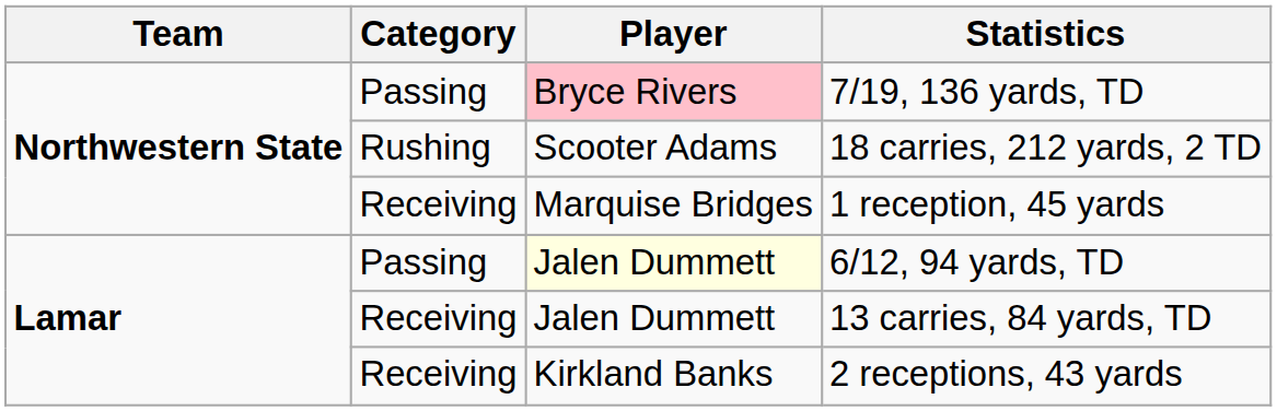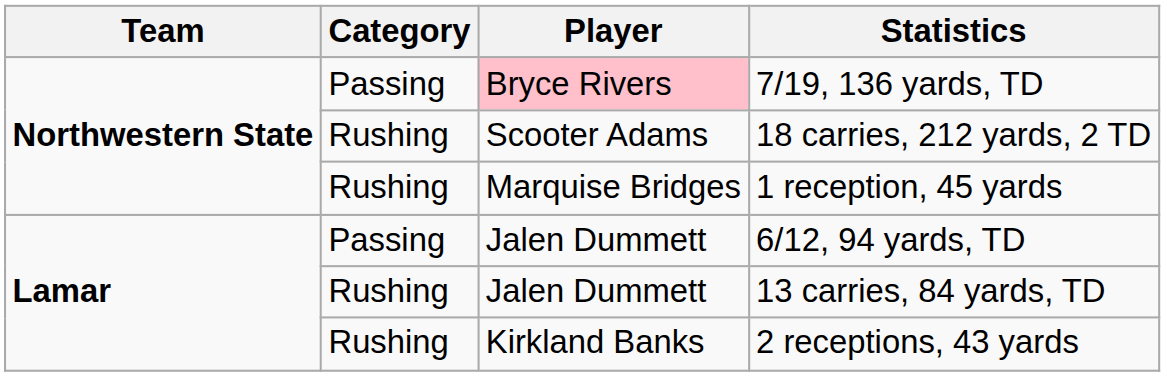 <table class="wikitable" style="float: left;">
 <tr>
 <th>Team</th>
 <th>Category</th>
 <th>Player</th>
 <th>Statistics</th>
 </tr>
 <tr>
 <td rowspan=3><strong>Northwestern State</strong></td>
 <td>Passing</td>
 <td style="background: pink;">Bryce Rivers</td>
 <td>7/19, 136 yards, TD</td>
 </tr>
 <tr>
 <td>Rushing</td>
 <td>Scooter Adams</td>
 <td>18 carries, 212 yards, 2 TD</td>
 </tr>
 <tr>
-<td>Receiving</td>
+<td>Rushing</td>
 <td>Marquise Bridges</td>
 <td>1 reception, 45 yards</td>
 </tr>
 <tr>
 <td rowspan=3><strong>Lamar</strong></td>
 <td>Passing</td>
-<td style="background: lightyellow;">Jalen Dummett</td>
+<td>Jalen Dummett</td>
 <td>6/12, 94 yards, TD</td>
 </tr>
 <tr>
-<td>Receiving</td>
+<td>Rushing</td>
 <td>Jalen Dummett</td>
 <td>13 carries, 84 yards, TD</td>
 </tr>
 <tr>
-<td>Receiving</td>
+<td>Rushing</td>
 <td>Kirkland Banks</td>
 <td>2 receptions, 43 yards</td>
 </tr>
 </table>
